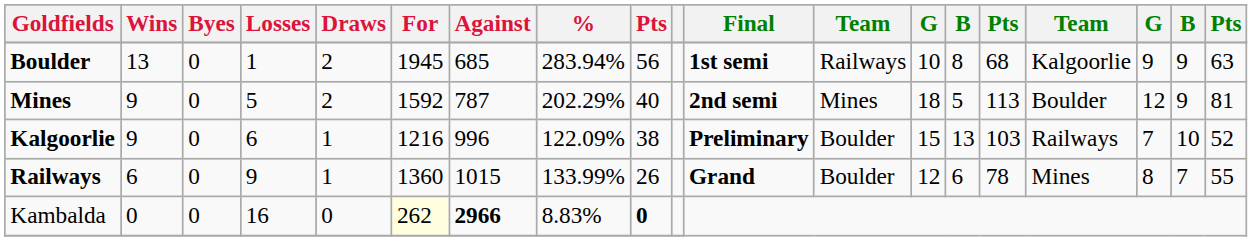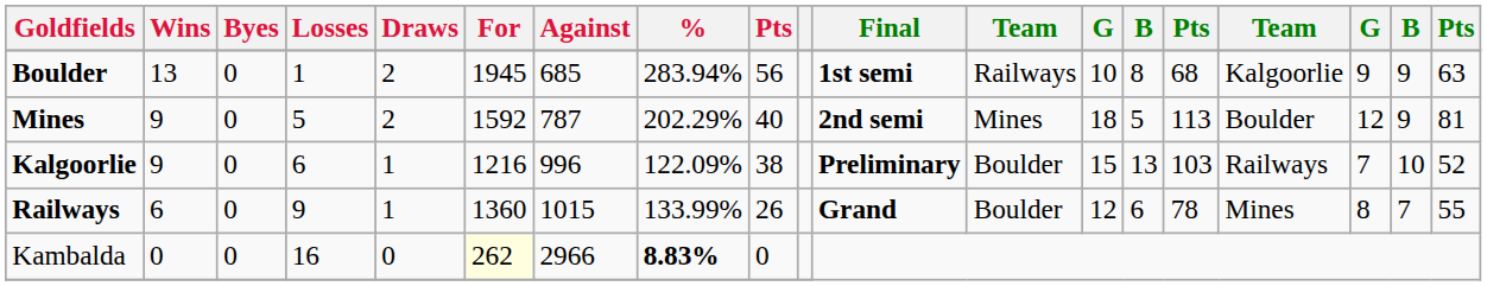 <table style="font-size: 85%; text-align: left;" class="wikitable">
 <tr>
 <th style="color:crimson">Goldfields</th>
 <th style="color:crimson">Wins</th>
 <th style="color:crimson">Byes</th>
 <th style="color:crimson">Losses</th>
 <th style="color:crimson">Draws</th>
 <th style="color:crimson">For</th>
 <th style="color:crimson">Against</th>
 <th style="color:crimson">%</th>
 <th style="color:crimson">Pts</th>
 <th></th>
 <th style="color:green">Final</th>
 <th style="color:green">Team</th>
 <th style="color:green">G</th>
 <th style="color:green">B</th>
 <th style="color:green">Pts</th>
 <th style="color:green">Team</th>
 <th style="color:green">G</th>
 <th style="color:green">B</th>
 <th style="color:green">Pts</th>
 </tr>
 <tr>
 </tr>
 <tr>
 </tr>
 <tr>
 <td><strong>	Boulder	</strong></td>
 <td>13</td>
 <td>0</td>
 <td>1</td>
 <td>2</td>
 <td>1945</td>
 <td>685</td>
 <td>283.94%</td>
 <td>56</td>
 <td></td>
 <td><strong>1st semi</strong></td>
 <td>Railways</td>
 <td>10</td>
 <td>8</td>
 <td>68</td>
 <td>Kalgoorlie</td>
 <td>9</td>
 <td>9</td>
 <td>63</td>
 </tr>
 <tr>
 <td><strong>	Mines	</strong></td>
 <td>9</td>
 <td>0</td>
 <td>5</td>
 <td>2</td>
 <td>1592</td>
 <td>787</td>
 <td>202.29%</td>
 <td>40</td>
 <td></td>
 <td><strong>2nd semi</strong></td>
 <td>Mines</td>
 <td>18</td>
 <td>5</td>
 <td>113</td>
 <td>Boulder</td>
 <td>12</td>
 <td>9</td>
 <td>81</td>
 </tr>
 <tr>
 <td><strong>	Kalgoorlie	</strong></td>
 <td>9</td>
 <td>0</td>
 <td>6</td>
 <td>1</td>
 <td>1216</td>
 <td>996</td>
 <td>122.09%</td>
 <td>38</td>
 <td></td>
 <td><strong>Preliminary</strong></td>
 <td>Boulder</td>
 <td>15</td>
 <td>13</td>
 <td>103</td>
 <td>Railways</td>
 <td>7</td>
 <td>10</td>
 <td>52</td>
 </tr>
 <tr>
 <td><strong>	Railways	</strong></td>
 <td>6</td>
 <td>0</td>
 <td>9</td>
 <td>1</td>
 <td>1360</td>
 <td>1015</td>
 <td>133.99%</td>
 <td>26</td>
 <td></td>
 <td><strong>Grand</strong></td>
 <td>Boulder</td>
 <td>12</td>
 <td>6</td>
 <td>78</td>
 <td>Mines</td>
 <td>8</td>
 <td>7</td>
 <td>55</td>
 </tr>
 <tr>
 <td>Kambalda</td>
 <td>0</td>
 <td>0</td>
 <td>16</td>
 <td>0</td>
 <td style="background: lightyellow;">262</td>
-<td><strong>2966</strong></td>
-<td>8.83%</td>
-<td><strong>0</strong></td>
+<td>2966</td>
+<td><strong>8.83%</strong></td>
+<td>0</td>
 <td></td>
 </tr>
 <tr>
 </tr>
 </table>
